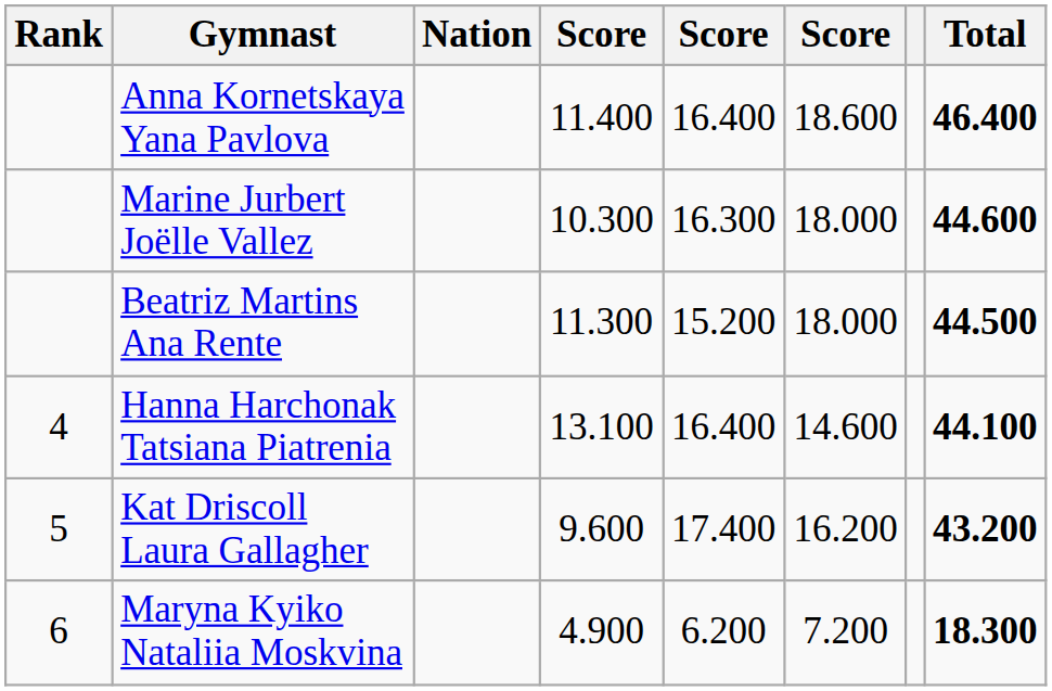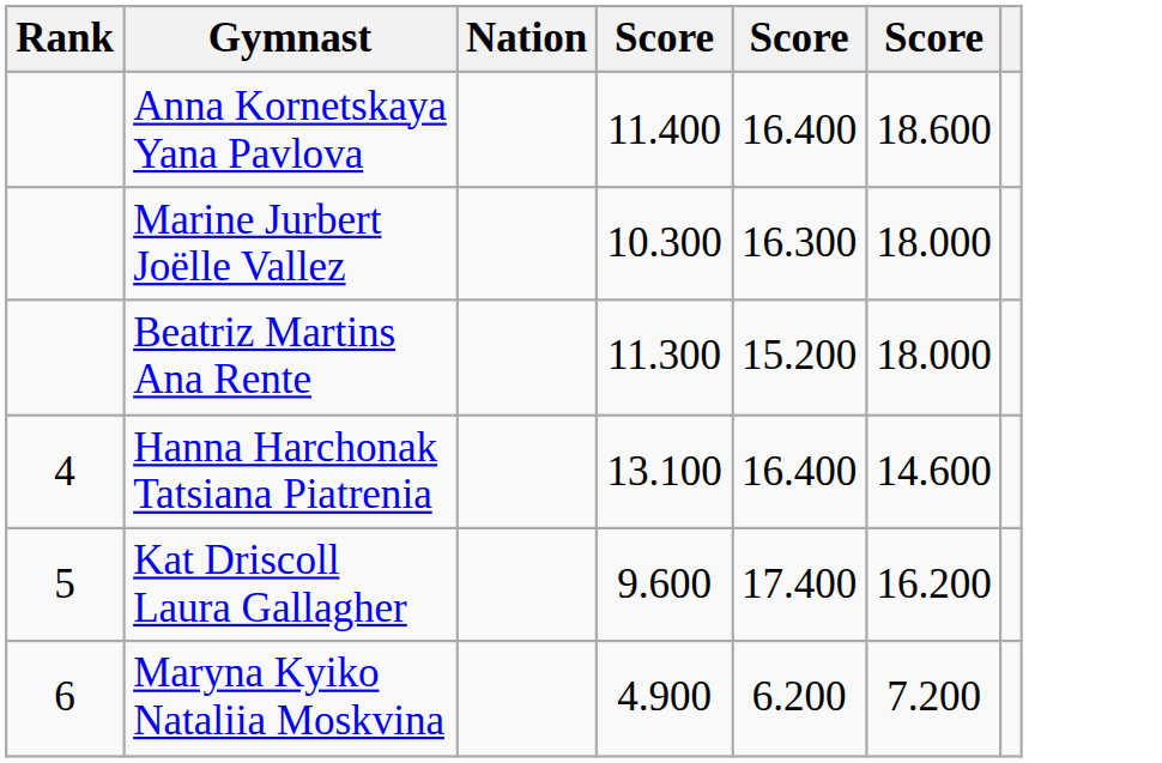 <table class="wikitable sortable" style="text-align:center">
 <tr>
 <th>Rank</th>
 <th>Gymnast</th>
 <th>Nation</th>
 <th> Score</th>
 <th> Score</th>
 <th> Score</th>
 <th></th>
-<th>Total</th>
 </tr>
 <tr>
 <td></td>
 <td align=left><a href='#'>Anna Kornetskaya</a><br><a href='#'>Yana Pavlova</a></td>
 <td align=left></td>
 <td>11.400</td>
 <td>16.400</td>
 <td>18.600</td>
 <td></td>
-<td><strong>46.400</strong></td>
 </tr>
 <tr>
 <td></td>
 <td align=left><a href='#'>Marine Jurbert</a><br><a href='#'>Joëlle Vallez</a></td>
 <td align=left></td>
 <td>10.300</td>
 <td>16.300</td>
 <td>18.000</td>
 <td></td>
-<td><strong>44.600</strong></td>
 </tr>
 <tr>
 <td></td>
 <td align=left><a href='#'>Beatriz Martins</a><br><a href='#'>Ana Rente</a></td>
 <td align=left></td>
 <td>11.300</td>
 <td>15.200</td>
 <td>18.000</td>
 <td></td>
-<td><strong>44.500</strong></td>
 </tr>
 <tr>
 <td>4</td>
 <td align=left><a href='#'>Hanna Harchonak</a><br><a href='#'>Tatsiana Piatrenia</a></td>
 <td align=left></td>
 <td>13.100</td>
 <td>16.400</td>
 <td>14.600</td>
 <td></td>
-<td><strong>44.100</strong></td>
 </tr>
 <tr>
 <td>5</td>
 <td align=left><a href='#'>Kat Driscoll</a><br><a href='#'>Laura Gallagher</a></td>
 <td align=left></td>
 <td>9.600</td>
 <td>17.400</td>
 <td>16.200</td>
 <td></td>
-<td><strong>43.200</strong></td>
 </tr>
 <tr>
 <td>6</td>
 <td align=left><a href='#'>Maryna Kyiko</a><br><a href='#'>Nataliia Moskvina</a></td>
 <td align=left></td>
 <td>4.900</td>
 <td>6.200</td>
 <td>7.200</td>
 <td></td>
-<td><strong>18.300</strong></td>
 </tr>
 </table>
